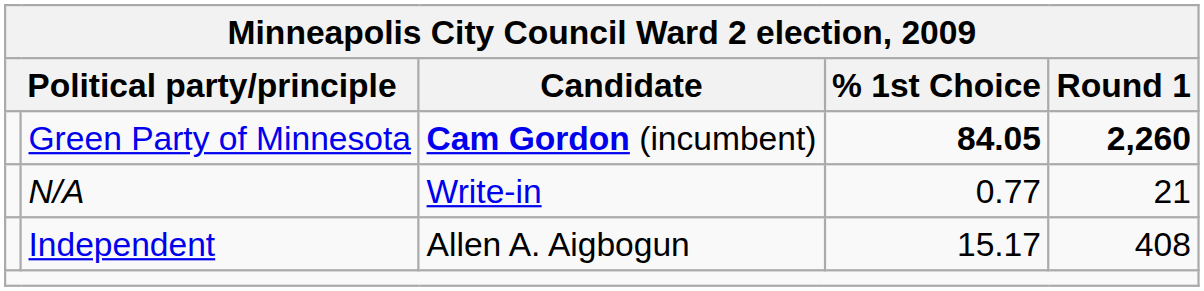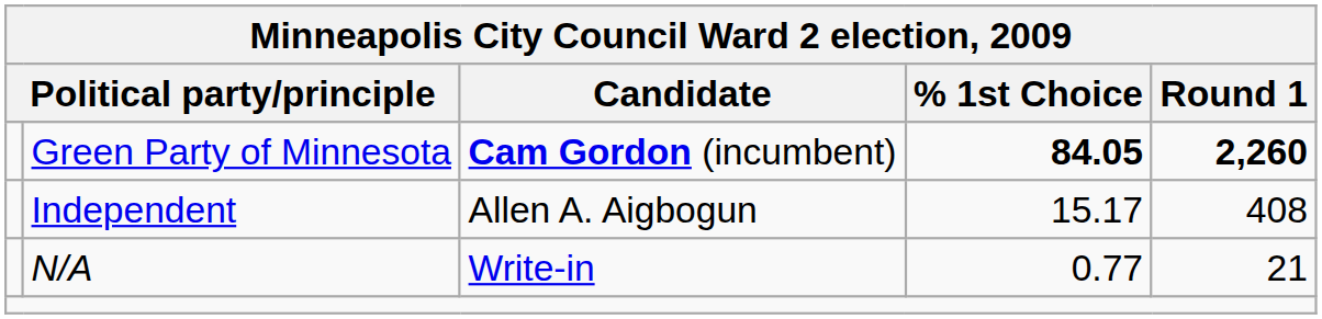 <table class="wikitable" style="font-size:95%">
 <tr>
 <th colspan="5">Minneapolis City Council Ward 2 election, 2009</th>
 </tr>
 <tr>
 <th colspan="2">Political party/principle</th>
 <th>Candidate</th>
 <th>% 1st Choice</th>
 <th>Round 1</th>
 </tr>
 <tr>
 <td style="background-color:"></td>
 <td><a href='#'>Green Party of Minnesota</a></td>
 <td><strong><a href='#'>Cam Gordon</a></strong> (incumbent)</td>
 <td align="right"><strong>84.05</strong></td>
 <td align="right"><strong>2,260</strong></td>
 </tr>
 <tr>
 <td style="background-color:"></td>
+<td><a href='#'>Independent</a></td>
+<td>Allen A. Aigbogun</td>
+<td align="right">15.17</td>
+<td align="right">408</td>
+</tr>
+<tr>
+<td style="background-color:"></td>
 <td><em>N/A</em></td>
 <td><a href='#'>Write-in</a></td>
 <td align="right">0.77</td>
 <td align="right">21</td>
 </tr>
 <tr>
-<td style="background-color:"></td>
-<td><a href='#'>Independent</a></td>
-<td>Allen A. Aigbogun</td>
-<td align="right">15.17</td>
-<td align="right">408</td>
-</tr>
-<tr>
 <td colspan="5"></td>
 </tr>
 </table>
